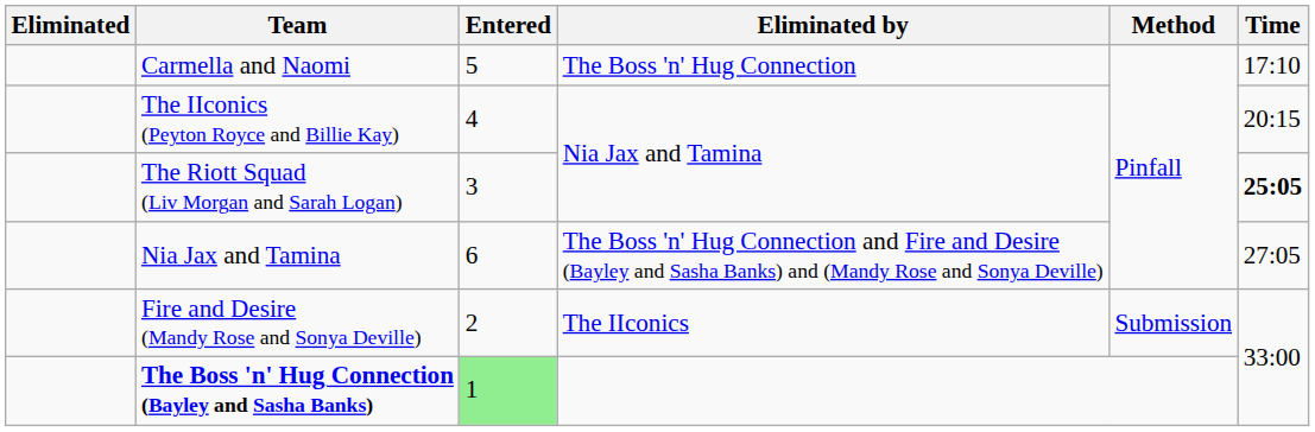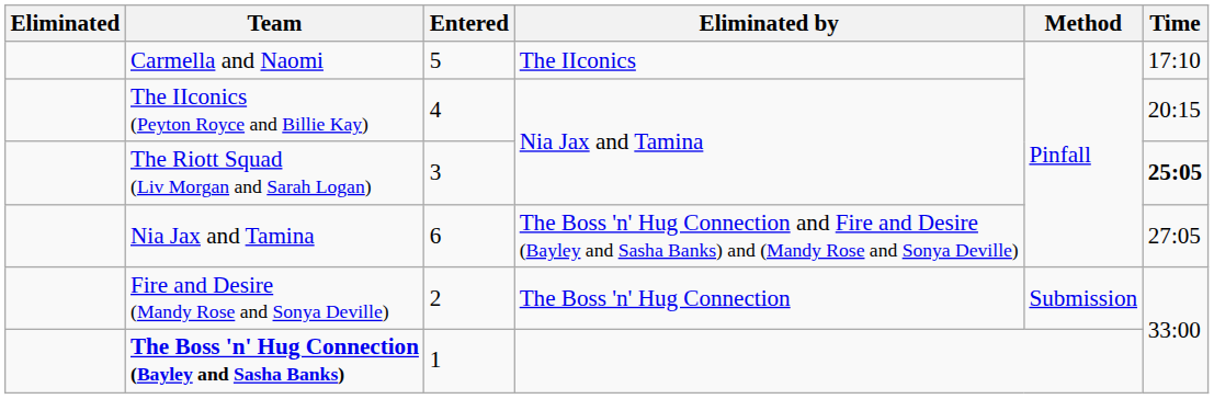 <table class="wikitable sortable">
 <tr>
 <th>Eliminated</th>
 <th>Team</th>
 <th>Entered</th>
 <th>Eliminated by</th>
 <th>Method</th>
 <th>Time</th>
 </tr>
 <tr>
 <td></td>
 <td><a href='#'>Carmella</a> and <a href='#'>Naomi</a></td>
 <td>5</td>
-<td><a href='#'>The Boss 'n' Hug Connection</a></td>
+<td><a href='#'>The IIconics</a></td>
 <td rowspan=4><a href='#'>Pinfall</a></td>
 <td>17:10</td>
 </tr>
 <tr>
 <td></td>
 <td><a href='#'>The IIconics</a><br><small>(<a href='#'>Peyton Royce</a> and <a href='#'>Billie Kay</a>)</small></td>
 <td>4</td>
 <td rowspan=2><a href='#'>Nia Jax</a> and <a href='#'>Tamina</a></td>
 <td>20:15</td>
 </tr>
 <tr>
 <td></td>
 <td><a href='#'>The Riott Squad</a><br><small>(<a href='#'>Liv Morgan</a> and <a href='#'>Sarah Logan</a>)</small></td>
 <td>3</td>
 <td><strong>25:05</strong></td>
 </tr>
 <tr>
 <td></td>
 <td><a href='#'>Nia Jax</a> and <a href='#'>Tamina</a></td>
 <td>6</td>
 <td><a href='#'>The Boss 'n' Hug Connection</a> and <a href='#'>Fire and Desire</a><br><small>(<a href='#'>Bayley</a> and <a href='#'>Sasha Banks</a>) and (<a href='#'>Mandy Rose</a> and <a href='#'>Sonya Deville</a>)</small></td>
 <td>27:05</td>
 </tr>
 <tr>
 <td></td>
 <td><a href='#'>Fire and Desire</a><br><small>(<a href='#'>Mandy Rose</a> and <a href='#'>Sonya Deville</a>)</small></td>
 <td>2</td>
-<td><a href='#'>The IIconics</a></td>
+<td><a href='#'>The Boss 'n' Hug Connection</a></td>
 <td><a href='#'>Submission</a></td>
 <td rowspan=2>33:00</td>
 </tr>
 <tr>
 <td></td>
 <td><strong><a href='#'>The Boss 'n' Hug Connection</a><br><small>(<a href='#'>Bayley</a> and <a href='#'>Sasha Banks</a>)</small></strong></td>
-<td style="background: lightgreen;">1</td>
+<td>1</td>
 <td colspan="2"></td>
 </tr>
 </table>
